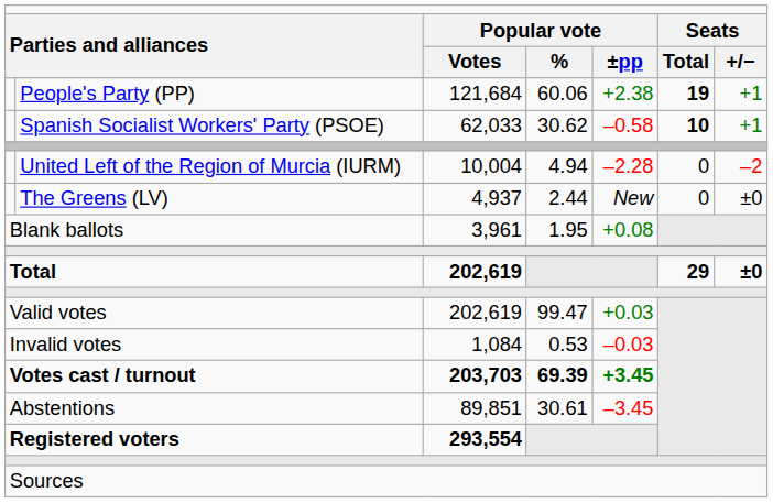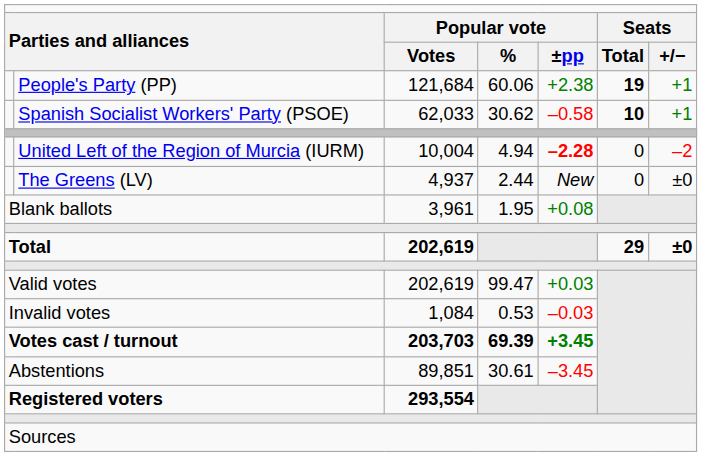 <table class="wikitable" style="text-align:right;">
 <tr>
 <td colspan="7"></td>
 </tr>
 <tr>
 <th style="text-align:left;" rowspan="2" colspan="2" width="525">Parties and alliances</th>
 <th colspan="3">Popular vote</th>
 <th colspan="2">Seats</th>
 </tr>
 <tr>
 <th width="75">Votes</th>
 <th width="45">%</th>
 <th width="45">±<a href='#'>pp</a></th>
 <th width="35">Total</th>
 <th width="35">+/−</th>
 </tr>
 <tr>
 <td width="1" style="color:inherit;background:"></td>
 <td align="left"><a href='#'>People's Party</a> (PP)</td>
 <td>121,684</td>
 <td>60.06</td>
 <td style="color:green;">+2.38</td>
 <td><strong>19</strong></td>
 <td style="color:green;">+1</td>
 </tr>
 <tr>
 <td style="color:inherit;background:"></td>
 <td align="left"><a href='#'>Spanish Socialist Workers' Party</a> (PSOE)</td>
 <td>62,033</td>
 <td>30.62</td>
 <td style="color:red;">–0.58</td>
 <td><strong>10</strong></td>
 <td style="color:green;">+1</td>
 </tr>
 <tr>
 <td colspan="7" bgcolor="#C0C0C0"></td>
 </tr>
 <tr>
 <td style="color:inherit;background:"></td>
 <td align="left"><a href='#'>United Left of the Region of Murcia</a> (IURM)</td>
 <td>10,004</td>
 <td>4.94</td>
-<td style="color:red;">–2.28</td>
+<td style="color:red;"><strong>–2.28</strong></td>
 <td>0</td>
 <td style="color:red;">–2</td>
 </tr>
 <tr>
 <td style="color:inherit;background:"></td>
 <td align="left"><a href='#'>The Greens</a> (LV)</td>
 <td>4,937</td>
 <td>2.44</td>
 <td><em>New</em></td>
 <td>0</td>
 <td>±0</td>
 </tr>
 <tr>
 <td align="left" colspan="2">Blank ballots</td>
 <td>3,961</td>
 <td>1.95</td>
 <td style="color:green;">+0.08</td>
 <td bgcolor="#E9E9E9" colspan="2"></td>
 </tr>
 <tr>
 <td colspan="7" bgcolor="#E9E9E9"></td>
 </tr>
 <tr style="font-weight:bold;">
 <td align="left" colspan="2">Total</td>
 <td>202,619</td>
 <td bgcolor="#E9E9E9" colspan="2"></td>
 <td>29</td>
 <td>±0</td>
 </tr>
 <tr>
 <td colspan="7" bgcolor="#E9E9E9"></td>
 </tr>
 <tr>
 <td align="left" colspan="2">Valid votes</td>
 <td>202,619</td>
 <td>99.47</td>
 <td style="color:green;">+0.03</td>
 <td bgcolor="#E9E9E9" colspan="2" rowspan="5"></td>
 </tr>
 <tr>
 <td align="left" colspan="2">Invalid votes</td>
 <td>1,084</td>
 <td>0.53</td>
 <td style="color:red;">–0.03</td>
 </tr>
 <tr style="font-weight:bold;">
 <td align="left" colspan="2">Votes cast / turnout</td>
 <td>203,703</td>
 <td>69.39</td>
 <td style="color:green;">+3.45</td>
 </tr>
 <tr>
 <td align="left" colspan="2">Abstentions</td>
 <td>89,851</td>
 <td>30.61</td>
 <td style="color:red;">–3.45</td>
 </tr>
 <tr style="font-weight:bold;">
 <td align="left" colspan="2">Registered voters</td>
 <td>293,554</td>
 <td bgcolor="#E9E9E9" colspan="2"></td>
 </tr>
 <tr>
 <td colspan="7" bgcolor="#E9E9E9"></td>
 </tr>
 <tr>
 <td align="left" colspan="7">Sources</td>
 </tr>
 </table>
